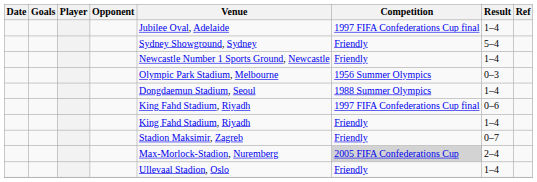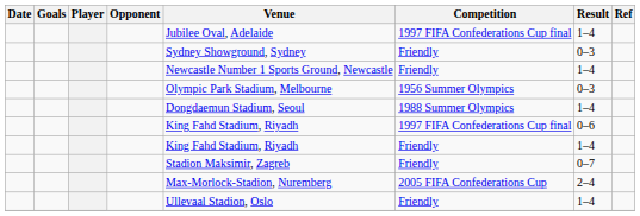 <table class="wikitable sortable plainrowheaders">
 <tr>
 <th scope="col">Date</th>
 <th scope="col">Goals</th>
 <th scope="col">Player</th>
 <th scope="col">Opponent</th>
 <th scope="col">Venue</th>
 <th scope="col">Competition</th>
 <th scope="col" class="align:center">Result</th>
 <th scope="col" class="unsortable">Ref</th>
 </tr>
 <tr>
 <td></td>
 <td></td>
 <th scope="row"></th>
 <td></td>
 <td><a href='#'>Jubilee Oval</a>, <a href='#'>Adelaide</a></td>
 <td><a href='#'>1997 FIFA Confederations Cup final</a></td>
 <td>1–4</td>
 <td></td>
 </tr>
 <tr>
 <td></td>
 <td></td>
 <th scope="row"></th>
 <td></td>
 <td><a href='#'>Sydney Showground</a>, <a href='#'>Sydney</a></td>
 <td><a href='#'>Friendly</a></td>
-<td>5–4</td>
+<td>0–3</td>
 <td></td>
 </tr>
 <tr>
 <td></td>
 <td></td>
 <th scope="row"></th>
 <td></td>
 <td><a href='#'>Newcastle Number 1 Sports Ground</a>, <a href='#'>Newcastle</a></td>
 <td><a href='#'>Friendly</a></td>
 <td>1–4</td>
 <td></td>
 </tr>
 <tr>
 <td></td>
 <td></td>
 <th scope="row"></th>
 <td></td>
 <td><a href='#'>Olympic Park Stadium</a>, <a href='#'>Melbourne</a></td>
 <td><a href='#'>1956 Summer Olympics</a></td>
 <td>0–3</td>
 <td></td>
 </tr>
 <tr>
 <td></td>
 <td></td>
 <th scope="row"></th>
 <td></td>
 <td><a href='#'>Dongdaemun Stadium</a>, <a href='#'>Seoul</a></td>
 <td><a href='#'>1988 Summer Olympics</a></td>
 <td>1–4</td>
 <td></td>
 </tr>
 <tr>
 <td></td>
 <td></td>
 <th scope="row"></th>
 <td></td>
 <td><a href='#'>King Fahd Stadium</a>, <a href='#'>Riyadh</a></td>
 <td><a href='#'>1997 FIFA Confederations Cup final</a></td>
 <td>0–6</td>
 <td></td>
 </tr>
 <tr>
 <td></td>
 <td></td>
 <th scope="row"></th>
 <td></td>
 <td><a href='#'>King Fahd Stadium</a>, <a href='#'>Riyadh</a></td>
 <td><a href='#'>Friendly</a></td>
 <td>1–4</td>
 <td></td>
 </tr>
 <tr>
 <td></td>
 <td></td>
 <th scope="row"></th>
 <td></td>
 <td><a href='#'>Stadion Maksimir</a>, <a href='#'>Zagreb</a></td>
 <td><a href='#'>Friendly</a></td>
 <td>0–7</td>
 <td></td>
 </tr>
 <tr>
 <td></td>
 <td></td>
 <th scope="row"></th>
 <td></td>
 <td><a href='#'>Max-Morlock-Stadion</a>, <a href='#'>Nuremberg</a></td>
-<td style="background: lightgrey;"><a href='#'>2005 FIFA Confederations Cup</a></td>
+<td><a href='#'>2005 FIFA Confederations Cup</a></td>
 <td>2–4</td>
 <td></td>
 </tr>
 <tr>
 <td></td>
 <td></td>
 <th scope="row"></th>
 <td></td>
 <td><a href='#'>Ullevaal Stadion</a>, <a href='#'>Oslo</a></td>
 <td><a href='#'>Friendly</a></td>
 <td>1–4</td>
 <td></td>
 </tr>
 <tr>
 </tr>
 </table>
